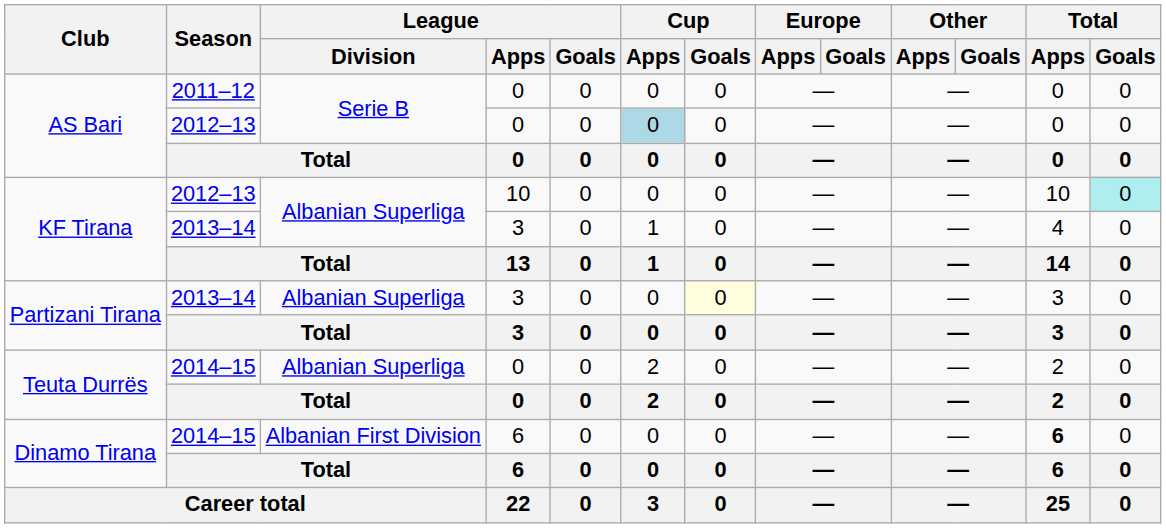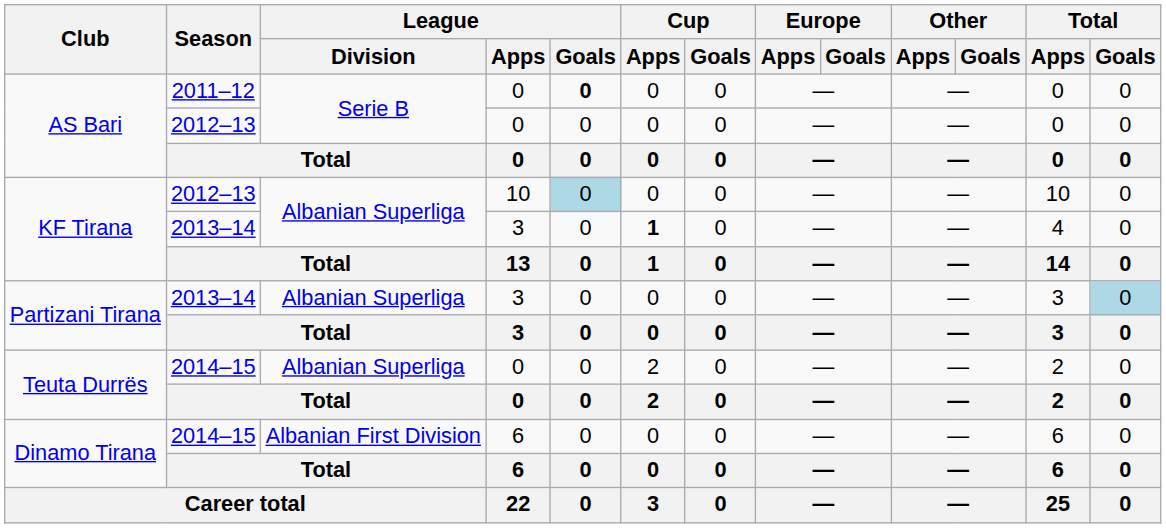 <table class="wikitable" style="text-align: center;">
 <tr>
 <th rowspan="2">Club</th>
 <th rowspan="2">Season</th>
 <th colspan="3">League</th>
 <th colspan="2">Cup</th>
 <th colspan="2">Europe</th>
 <th colspan="2">Other</th>
 <th colspan="2">Total</th>
 </tr>
 <tr>
 <th>Division</th>
 <th>Apps</th>
 <th>Goals</th>
 <th>Apps</th>
 <th>Goals</th>
 <th>Apps</th>
 <th>Goals</th>
 <th>Apps</th>
 <th>Goals</th>
 <th>Apps</th>
 <th>Goals</th>
 </tr>
 <tr>
 <td rowspan="3" valign="center"><a href='#'>AS Bari</a></td>
 <td><a href='#'>2011–12</a></td>
 <td rowspan="2" valign="center"><a href='#'>Serie B</a></td>
 <td>0</td>
-<td>0</td>
+<td><strong>0</strong></td>
 <td>0</td>
 <td>0</td>
 <td colspan="2">—</td>
 <td colspan="2">—</td>
 <td>0</td>
 <td>0</td>
 </tr>
 <tr>
 <td><a href='#'>2012–13</a></td>
 <td>0</td>
 <td>0</td>
-<td style="background: lightblue;">0</td>
+<td>0</td>
 <td>0</td>
 <td colspan="2">—</td>
 <td colspan="2">—</td>
 <td>0</td>
 <td>0</td>
 </tr>
 <tr>
 <th colspan="2">Total</th>
 <th>0</th>
 <th>0</th>
 <th>0</th>
 <th>0</th>
 <th colspan="2">—</th>
 <th colspan="2">—</th>
 <th>0</th>
 <th>0</th>
 </tr>
 <tr>
 <td rowspan="3" valign="center"><a href='#'>KF Tirana</a></td>
 <td><a href='#'>2012–13</a></td>
 <td rowspan="2" valign="center"><a href='#'>Albanian Superliga</a></td>
 <td>10</td>
-<td>0</td>
+<td style="background: lightblue;">0</td>
 <td>0</td>
 <td>0</td>
 <td colspan="2">—</td>
 <td colspan="2">—</td>
 <td>10</td>
-<td style="background: paleturquoise;">0</td>
+<td>0</td>
 </tr>
 <tr>
 <td><a href='#'>2013–14</a></td>
 <td>3</td>
 <td>0</td>
-<td>1</td>
+<td><strong>1</strong></td>
 <td>0</td>
 <td colspan="2">—</td>
 <td colspan="2">—</td>
 <td>4</td>
 <td>0</td>
 </tr>
 <tr>
 <th colspan="2">Total</th>
 <th>13</th>
 <th>0</th>
 <th>1</th>
 <th>0</th>
 <th colspan="2">—</th>
 <th colspan="2">—</th>
 <th>14</th>
 <th>0</th>
 </tr>
 <tr>
 <td rowspan="2" valign="center"><a href='#'>Partizani Tirana</a></td>
 <td><a href='#'>2013–14</a></td>
 <td rowspan="1" valign="center"><a href='#'>Albanian Superliga</a></td>
 <td>3</td>
 <td>0</td>
 <td>0</td>
-<td style="background: lightyellow;">0</td>
+<td>0</td>
 <td colspan="2">—</td>
 <td colspan="2">—</td>
 <td>3</td>
-<td>0</td>
+<td style="background: lightblue;">0</td>
 </tr>
 <tr>
 <th colspan="2">Total</th>
 <th>3</th>
 <th>0</th>
 <th>0</th>
 <th>0</th>
 <th colspan="2">—</th>
 <th colspan="2">—</th>
 <th>3</th>
 <th>0</th>
 </tr>
 <tr>
 <td rowspan="2" valign="center"><a href='#'>Teuta Durrës</a></td>
 <td><a href='#'>2014–15</a></td>
 <td rowspan="1" valign="center"><a href='#'>Albanian Superliga</a></td>
 <td>0</td>
 <td>0</td>
 <td>2</td>
 <td>0</td>
 <td colspan="2">—</td>
 <td colspan="2">—</td>
 <td>2</td>
 <td>0</td>
 </tr>
 <tr>
 <th colspan="2">Total</th>
 <th>0</th>
 <th>0</th>
 <th>2</th>
 <th>0</th>
 <th colspan="2">—</th>
 <th colspan="2">—</th>
 <th>2</th>
 <th>0</th>
 </tr>
 <tr>
 <td rowspan="2" valign="center"><a href='#'>Dinamo Tirana</a></td>
 <td><a href='#'>2014–15</a></td>
 <td rowspan="1" valign="center"><a href='#'>Albanian First Division</a></td>
 <td>6</td>
 <td>0</td>
 <td>0</td>
 <td>0</td>
 <td colspan="2">—</td>
 <td colspan="2">—</td>
-<td><strong>6</strong></td>
+<td>6</td>
 <td>0</td>
 </tr>
 <tr>
 <th colspan="2">Total</th>
 <th>6</th>
 <th>0</th>
 <th>0</th>
 <th>0</th>
 <th colspan="2">—</th>
 <th colspan="2">—</th>
 <th>6</th>
 <th>0</th>
 </tr>
 <tr>
 <th colspan="3">Career total</th>
 <th>22</th>
 <th>0</th>
 <th>3</th>
 <th>0</th>
 <th colspan="2">—</th>
 <th colspan="2">—</th>
 <th>25</th>
 <th>0</th>
 </tr>
 </table>
